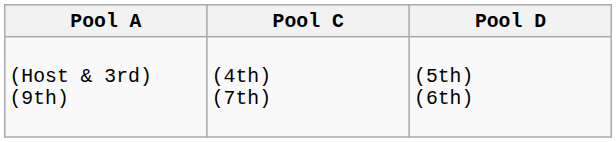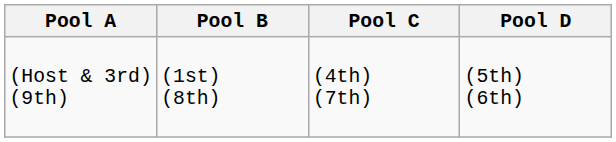 <table class="wikitable">
 <tr>
 <th width=25%>Pool A</th>
+<th width=25%>Pool B</th>
 <th width=25%>Pool C</th>
 <th width=25%>Pool D</th>
 </tr>
 <tr>
 <td valign=top><br> (Host & 3rd)<br>  (9th)<br> <br></td>
+<td valign=top><br> (1st)<br>  (8th)<br> </td>
 <td><br> (4th)<br>  (7th)<br> <br> </td>
 <td><br> (5th)<br>  (6th)<br> <br> </td>
 </tr>
 </table>
